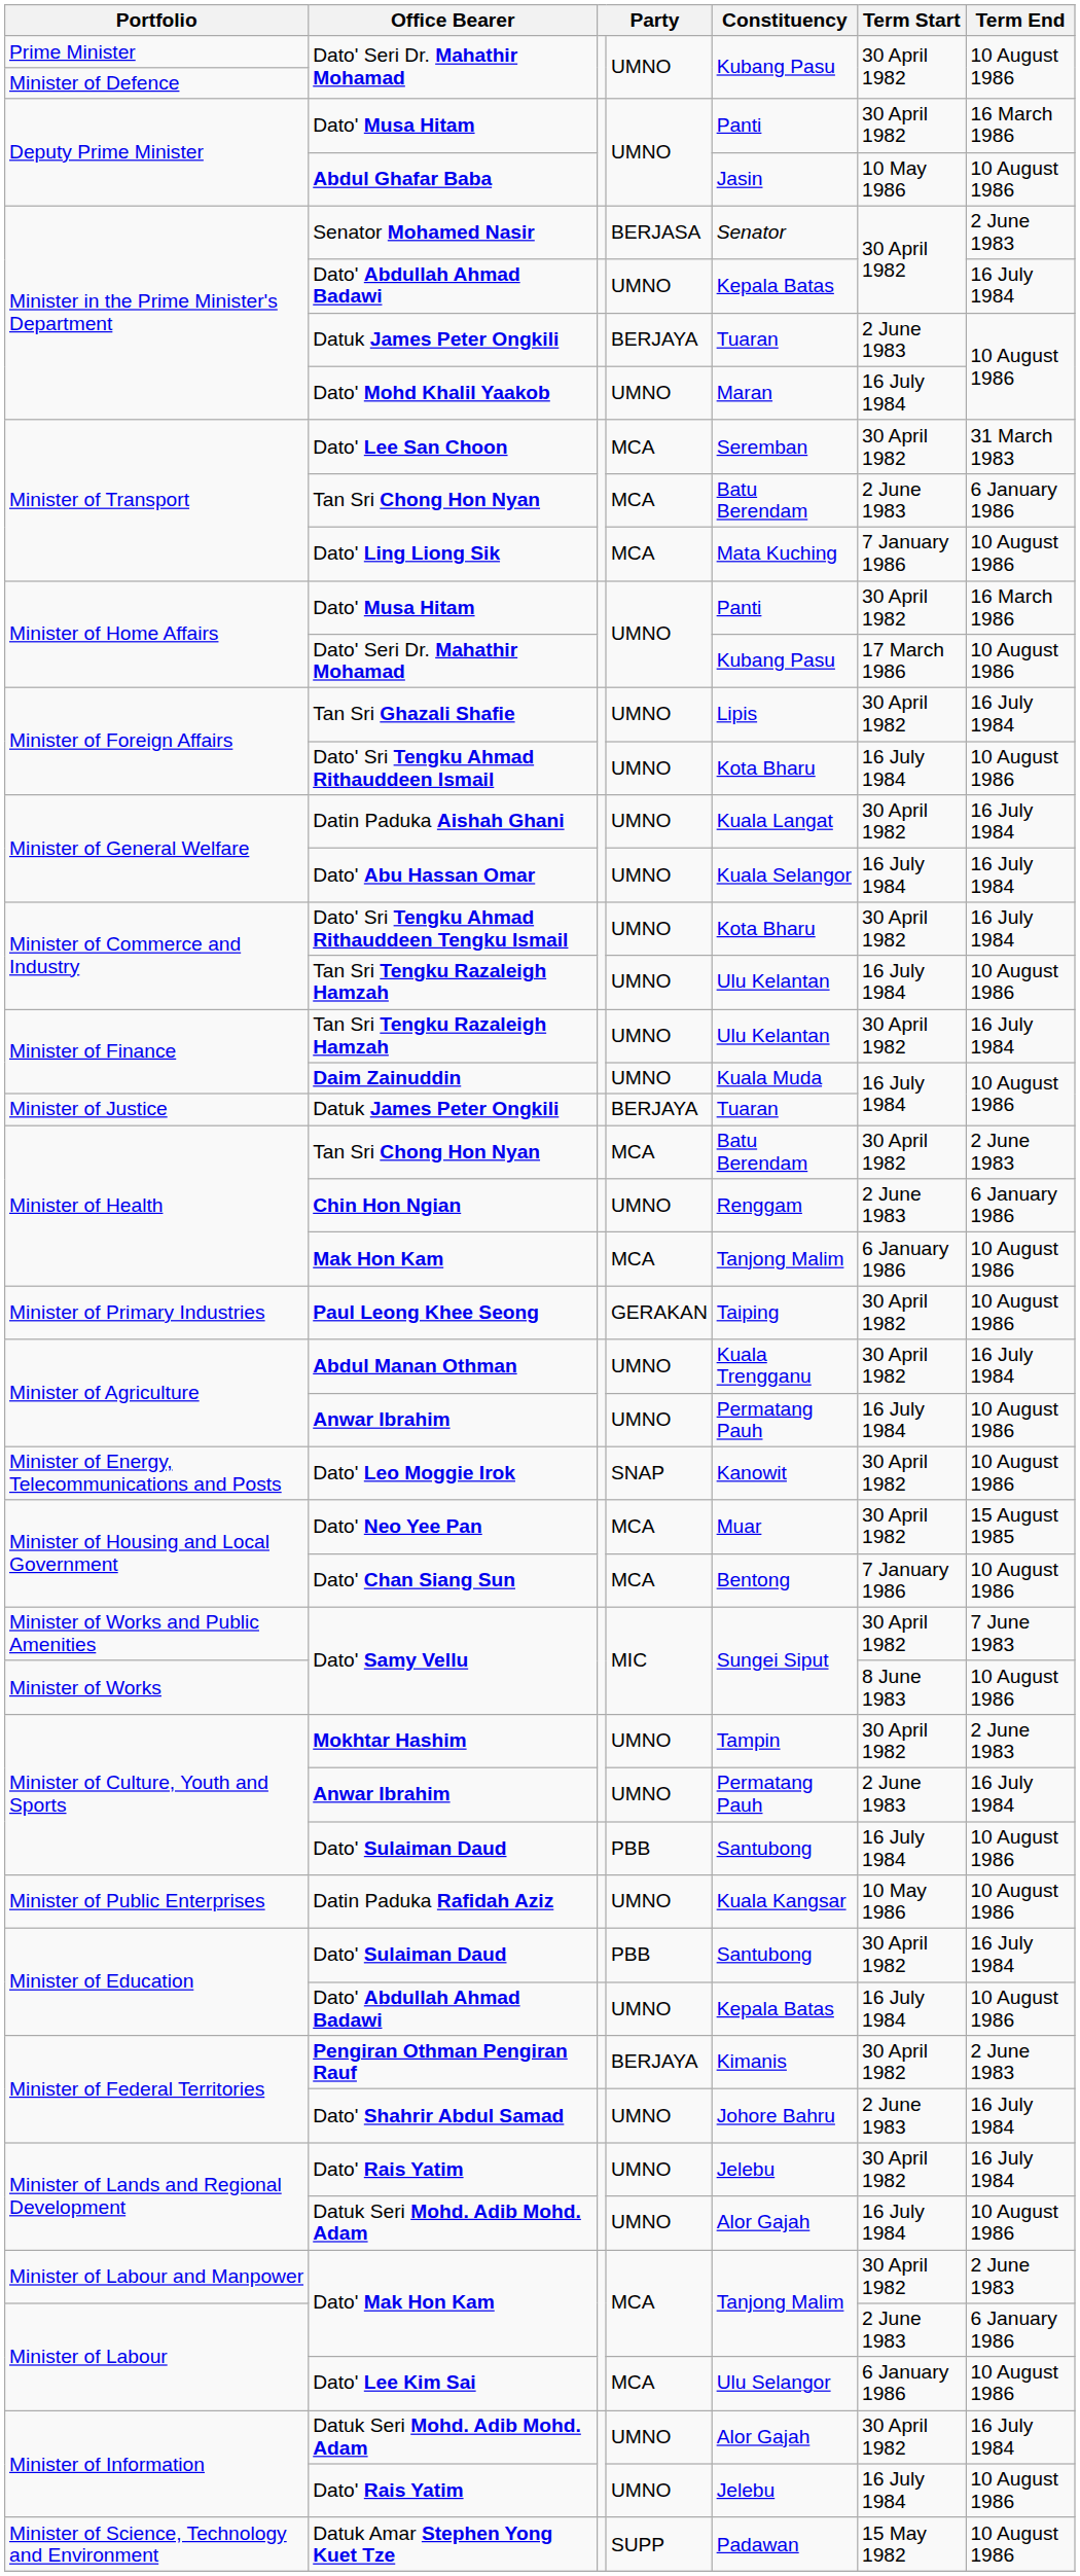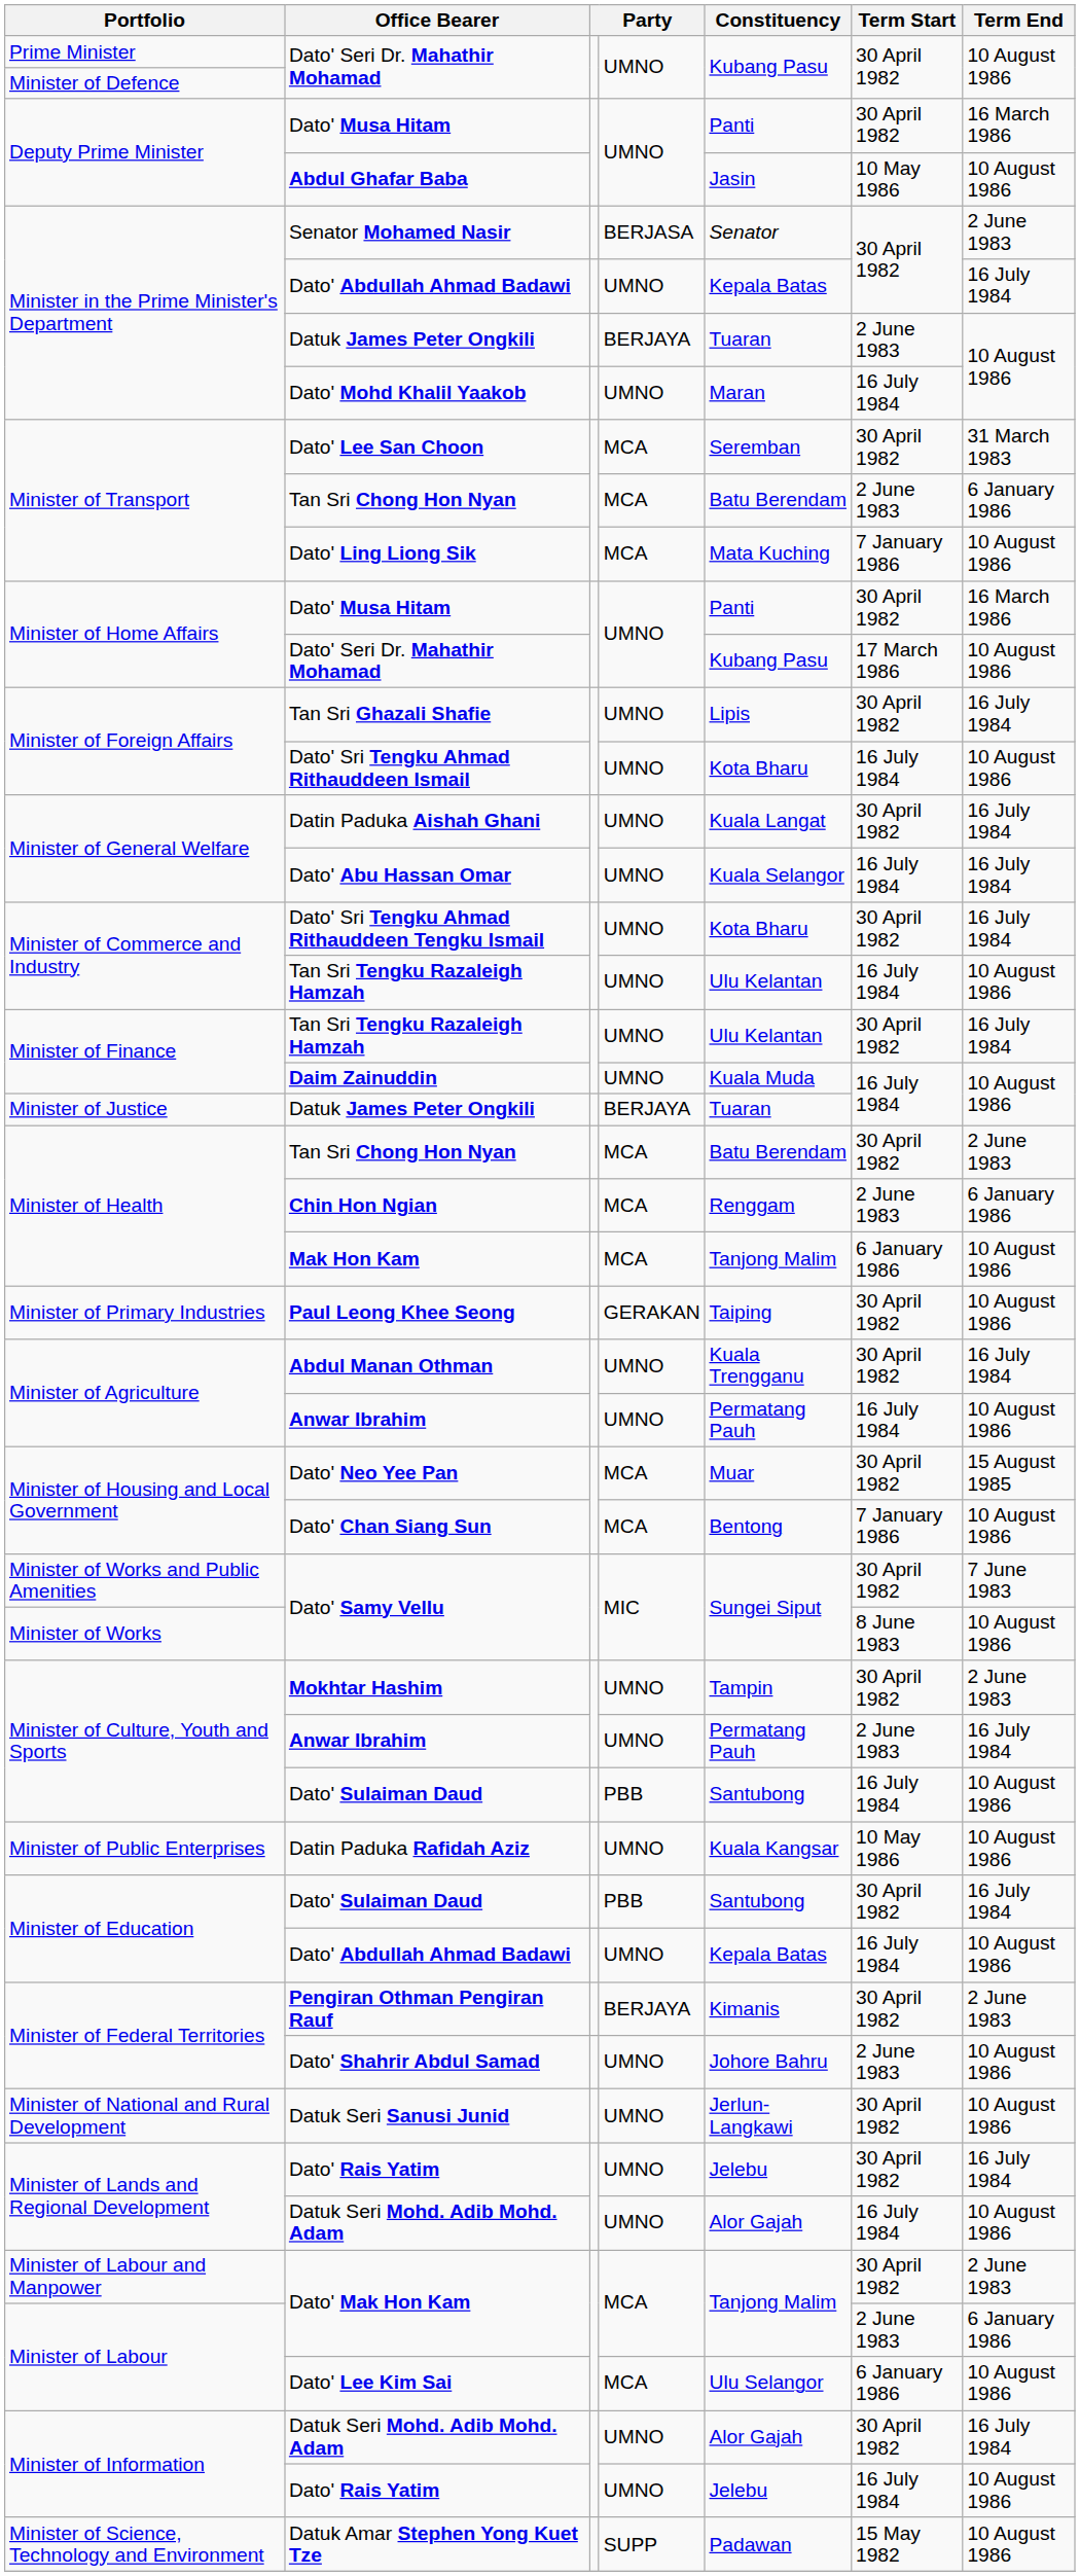 <table class="sortable wikitable">
 <tr>
 <th>Portfolio</th>
 <th>Office Bearer</th>
 <th colspan=2>Party</th>
 <th>Constituency</th>
 <th>Term Start</th>
 <th>Term End</th>
 </tr>
 <tr>
 <td><a href='#'>Prime Minister</a></td>
 <td rowspan=2>Dato' Seri Dr. <strong><a href='#'>Mahathir Mohamad</a></strong> </td>
 <td rowspan=2 bgcolor=></td>
 <td rowspan=2>UMNO</td>
 <td rowspan=2><a href='#'>Kubang Pasu</a></td>
 <td rowspan=2>30 April 1982</td>
 <td rowspan=2>10 August 1986</td>
 </tr>
 <tr>
 <td><a href='#'>Minister of Defence</a></td>
 </tr>
 <tr>
 <td rowspan=2><a href='#'>Deputy Prime Minister</a></td>
 <td>Dato' <strong><a href='#'>Musa Hitam</a></strong> </td>
 <td rowspan=2 bgcolor=></td>
 <td rowspan=2>UMNO</td>
 <td><a href='#'>Panti</a></td>
 <td>30 April 1982</td>
 <td>16 March 1986</td>
 </tr>
 <tr>
 <td><strong><a href='#'>Abdul Ghafar Baba</a></strong> </td>
 <td><a href='#'>Jasin</a></td>
 <td>10 May 1986</td>
 <td>10 August 1986</td>
 </tr>
 <tr>
 <td rowspan=4><a href='#'>Minister in the Prime Minister's Department</a></td>
 <td>Senator <strong><a href='#'>Mohamed Nasir</a></strong></td>
 <td></td>
 <td>BERJASA</td>
 <td><em>Senator</em></td>
 <td rowspan=2>30 April 1982</td>
 <td>2 June 1983</td>
 </tr>
 <tr>
 <td>Dato' <strong><a href='#'>Abdullah Ahmad Badawi</a></strong> </td>
 <td bgcolor=></td>
 <td>UMNO</td>
 <td><a href='#'>Kepala Batas</a></td>
 <td>16 July 1984</td>
 </tr>
 <tr>
 <td>Datuk <strong><a href='#'>James Peter Ongkili</a></strong> </td>
 <td bgcolor=></td>
 <td>BERJAYA</td>
 <td><a href='#'>Tuaran</a></td>
 <td>2 June 1983</td>
 <td rowspan=2>10 August 1986</td>
 </tr>
 <tr>
 <td>Dato' <strong><a href='#'>Mohd Khalil Yaakob</a></strong> </td>
 <td bgcolor=></td>
 <td>UMNO</td>
 <td><a href='#'>Maran</a></td>
 <td>16 July 1984</td>
 </tr>
 <tr>
 <td rowspan=3><a href='#'>Minister of Transport</a></td>
 <td>Dato' <strong><a href='#'>Lee San Choon</a></strong> </td>
 <td rowspan=3 bgcolor=></td>
 <td>MCA</td>
 <td><a href='#'>Seremban</a></td>
 <td>30 April 1982</td>
 <td>31 March 1983</td>
 </tr>
 <tr>
 <td>Tan Sri <strong><a href='#'>Chong Hon Nyan</a></strong> </td>
 <td>MCA</td>
 <td><a href='#'>Batu Berendam</a></td>
 <td>2 June 1983</td>
 <td>6 January 1986</td>
 </tr>
 <tr>
 <td>Dato' <strong><a href='#'>Ling Liong Sik</a></strong> </td>
 <td>MCA</td>
 <td><a href='#'>Mata Kuching</a></td>
 <td>7 January 1986</td>
 <td>10 August 1986</td>
 </tr>
 <tr>
 <td rowspan=2><a href='#'>Minister of Home Affairs</a></td>
 <td>Dato' <strong><a href='#'>Musa Hitam</a></strong> </td>
 <td rowspan=2 bgcolor=></td>
 <td rowspan=2>UMNO</td>
 <td><a href='#'>Panti</a></td>
 <td>30 April 1982</td>
 <td>16 March 1986</td>
 </tr>
 <tr>
 <td>Dato' Seri Dr. <strong><a href='#'>Mahathir Mohamad</a></strong> </td>
 <td><a href='#'>Kubang Pasu</a></td>
 <td>17 March 1986</td>
 <td>10 August 1986</td>
 </tr>
 <tr>
 <td rowspan=2><a href='#'>Minister of Foreign Affairs</a></td>
 <td>Tan Sri <strong><a href='#'>Ghazali Shafie</a></strong> </td>
 <td rowspan=2 bgcolor=></td>
 <td>UMNO</td>
 <td><a href='#'>Lipis</a></td>
 <td>30 April 1982</td>
 <td>16 July 1984</td>
 </tr>
 <tr>
 <td>Dato' Sri <strong><a href='#'>Tengku Ahmad Rithauddeen Ismail</a></strong> </td>
 <td>UMNO</td>
 <td><a href='#'>Kota Bharu</a></td>
 <td>16 July 1984</td>
 <td>10 August 1986</td>
 </tr>
 <tr>
 <td rowspan=2><a href='#'>Minister of General Welfare</a></td>
 <td>Datin Paduka <strong><a href='#'>Aishah Ghani</a></strong> </td>
 <td rowspan=2 bgcolor=></td>
 <td>UMNO</td>
 <td><a href='#'>Kuala Langat</a></td>
 <td>30 April 1982</td>
 <td>16 July 1984</td>
 </tr>
 <tr>
 <td>Dato' <strong><a href='#'>Abu Hassan Omar</a></strong> </td>
 <td>UMNO</td>
 <td><a href='#'>Kuala Selangor</a></td>
 <td>16 July 1984</td>
 <td>16 July 1984</td>
 </tr>
 <tr>
 <td rowspan=2><a href='#'>Minister of Commerce and Industry</a></td>
 <td>Dato' Sri <strong><a href='#'>Tengku Ahmad Rithauddeen Tengku Ismail</a></strong> </td>
 <td rowspan=2 bgcolor=></td>
 <td>UMNO</td>
 <td><a href='#'>Kota Bharu</a></td>
 <td>30 April 1982</td>
 <td>16 July 1984</td>
 </tr>
 <tr>
 <td>Tan Sri <strong><a href='#'>Tengku Razaleigh Hamzah</a></strong> </td>
 <td>UMNO</td>
 <td><a href='#'>Ulu Kelantan</a></td>
 <td>16 July 1984</td>
 <td>10 August 1986</td>
 </tr>
 <tr>
 <td rowspan=2><a href='#'>Minister of Finance</a></td>
 <td>Tan Sri <strong><a href='#'>Tengku Razaleigh Hamzah</a></strong> </td>
 <td rowspan=2 bgcolor=></td>
 <td>UMNO</td>
 <td><a href='#'>Ulu Kelantan</a></td>
 <td>30 April 1982</td>
 <td>16 July 1984</td>
 </tr>
 <tr>
 <td><strong><a href='#'>Daim Zainuddin</a></strong> </td>
 <td>UMNO</td>
 <td><a href='#'>Kuala Muda</a></td>
 <td rowspan=2>16 July 1984</td>
 <td rowspan=2>10 August 1986</td>
 </tr>
 <tr>
 <td><a href='#'>Minister of Justice</a></td>
 <td>Datuk <strong><a href='#'>James Peter Ongkili</a></strong> </td>
 <td bgcolor=></td>
 <td>BERJAYA</td>
 <td><a href='#'>Tuaran</a></td>
 </tr>
 <tr>
 <td rowspan=3><a href='#'>Minister of Health</a></td>
 <td>Tan Sri <strong><a href='#'>Chong Hon Nyan</a></strong> </td>
 <td bgcolor=></td>
 <td>MCA</td>
 <td><a href='#'>Batu Berendam</a></td>
 <td>30 April 1982</td>
 <td>2 June 1983</td>
 </tr>
 <tr>
 <td><strong><a href='#'>Chin Hon Ngian</a></strong> </td>
 <td bgcolor=></td>
-<td>UMNO</td>
+<td>MCA</td>
 <td><a href='#'>Renggam</a></td>
 <td>2 June 1983</td>
 <td>6 January 1986</td>
 </tr>
 <tr>
 <td><strong><a href='#'>Mak Hon Kam</a></strong> </td>
 <td bgcolor=></td>
 <td>MCA</td>
 <td><a href='#'>Tanjong Malim</a></td>
 <td>6 January 1986</td>
 <td>10 August 1986</td>
 </tr>
 <tr>
 <td><a href='#'>Minister of Primary Industries</a></td>
 <td><strong><a href='#'>Paul Leong Khee Seong</a></strong> </td>
 <td bgcolor=></td>
 <td>GERAKAN</td>
 <td><a href='#'>Taiping</a></td>
 <td>30 April 1982</td>
 <td>10 August 1986</td>
 </tr>
 <tr>
 <td rowspan=2><a href='#'>Minister of Agriculture</a></td>
 <td><strong><a href='#'>Abdul Manan Othman</a></strong> </td>
 <td rowspan=2 bgcolor=></td>
 <td>UMNO</td>
 <td><a href='#'>Kuala Trengganu</a></td>
 <td>30 April 1982</td>
 <td>16 July 1984</td>
 </tr>
 <tr>
 <td><strong><a href='#'>Anwar Ibrahim</a></strong> </td>
 <td>UMNO</td>
 <td><a href='#'>Permatang Pauh</a></td>
 <td>16 July 1984</td>
-<td>10 August 1986</td>
-</tr>
-<tr>
-<td><a href='#'>Minister of Energy, Telecommunications and Posts</a></td>
-<td>Dato' <strong><a href='#'>Leo Moggie Irok</a></strong> </td>
-<td bgcolor=></td>
-<td>SNAP</td>
-<td><a href='#'>Kanowit</a></td>
-<td>30 April 1982</td>
 <td>10 August 1986</td>
 </tr>
 <tr>
 <td rowspan=2><a href='#'>Minister of Housing and Local Government</a></td>
 <td>Dato' <strong><a href='#'>Neo Yee Pan</a></strong> </td>
 <td rowspan=2 bgcolor=></td>
 <td>MCA</td>
 <td><a href='#'>Muar</a></td>
 <td>30 April 1982</td>
 <td>15 August 1985</td>
 </tr>
 <tr>
 <td>Dato' <strong><a href='#'>Chan Siang Sun</a></strong> </td>
 <td>MCA</td>
 <td><a href='#'>Bentong</a></td>
 <td>7 January 1986</td>
 <td>10 August 1986</td>
 </tr>
 <tr>
 <td><a href='#'>Minister of Works and Public Amenities</a></td>
 <td rowspan=2>Dato' <strong><a href='#'>Samy Vellu</a></strong> </td>
 <td rowspan=2 bgcolor=></td>
 <td rowspan=2>MIC</td>
 <td rowspan=2><a href='#'>Sungei Siput</a></td>
 <td>30 April 1982</td>
 <td>7 June 1983</td>
 </tr>
 <tr>
 <td><a href='#'>Minister of Works</a></td>
 <td>8 June 1983</td>
 <td>10 August 1986</td>
 </tr>
 <tr>
 <td rowspan=3><a href='#'>Minister of Culture, Youth and Sports</a></td>
 <td><strong><a href='#'>Mokhtar Hashim</a></strong> </td>
 <td rowspan=2 bgcolor=></td>
 <td>UMNO</td>
 <td><a href='#'>Tampin</a></td>
 <td>30 April 1982</td>
 <td>2 June 1983</td>
 </tr>
 <tr>
 <td><strong><a href='#'>Anwar Ibrahim</a></strong> </td>
 <td>UMNO</td>
 <td><a href='#'>Permatang Pauh</a></td>
 <td>2 June 1983</td>
 <td>16 July 1984</td>
 </tr>
 <tr>
 <td>Dato' <strong><a href='#'>Sulaiman Daud</a></strong> </td>
 <td bgcolor=></td>
 <td>PBB</td>
 <td><a href='#'>Santubong</a></td>
 <td>16 July 1984</td>
 <td>10 August 1986</td>
 </tr>
 <tr>
 <td><a href='#'>Minister of Public Enterprises</a></td>
 <td>Datin Paduka <strong><a href='#'>Rafidah Aziz</a></strong> </td>
 <td bgcolor=></td>
 <td>UMNO</td>
 <td><a href='#'>Kuala Kangsar</a></td>
 <td>10 May 1986</td>
 <td>10 August 1986</td>
 </tr>
 <tr>
 <td rowspan=2><a href='#'>Minister of Education</a></td>
 <td>Dato' <strong><a href='#'>Sulaiman Daud</a></strong> </td>
 <td bgcolor=></td>
 <td>PBB</td>
 <td><a href='#'>Santubong</a></td>
 <td>30 April 1982</td>
 <td>16 July 1984</td>
 </tr>
 <tr>
 <td>Dato' <strong><a href='#'>Abdullah Ahmad Badawi</a></strong> </td>
 <td bgcolor=></td>
 <td>UMNO</td>
 <td><a href='#'>Kepala Batas</a></td>
 <td>16 July 1984</td>
 <td>10 August 1986</td>
 </tr>
 <tr>
 <td rowspan=2><a href='#'>Minister of Federal Territories</a></td>
 <td><strong><a href='#'>Pengiran Othman Pengiran Rauf</a></strong> </td>
 <td></td>
 <td>BERJAYA</td>
 <td><a href='#'>Kimanis</a></td>
 <td>30 April 1982</td>
 <td>2 June 1983</td>
 </tr>
 <tr>
 <td>Dato' <strong><a href='#'>Shahrir Abdul Samad</a></strong> </td>
 <td bgcolor=></td>
 <td>UMNO</td>
 <td><a href='#'>Johore Bahru</a></td>
 <td>2 June 1983</td>
-<td>16 July 1984</td>
+<td>10 August 1986</td>
+</tr>
+<tr>
+<td><a href='#'>Minister of National and Rural Development</a></td>
+<td>Datuk Seri <strong><a href='#'>Sanusi Junid</a></strong> </td>
+<td bgcolor=></td>
+<td>UMNO</td>
+<td><a href='#'>Jerlun-Langkawi</a></td>
+<td>30 April 1982</td>
+<td>10 August 1986</td>
 </tr>
 <tr>
 <td rowspan=2><a href='#'>Minister of Lands and Regional Development</a></td>
 <td>Dato' <strong><a href='#'>Rais Yatim</a></strong> </td>
 <td rowspan=2 bgcolor=></td>
 <td>UMNO</td>
 <td><a href='#'>Jelebu</a></td>
 <td>30 April 1982</td>
 <td>16 July 1984</td>
 </tr>
 <tr>
 <td>Datuk Seri <strong><a href='#'>Mohd. Adib Mohd. Adam</a></strong> </td>
 <td>UMNO</td>
 <td><a href='#'>Alor Gajah</a></td>
 <td>16 July 1984</td>
 <td>10 August 1986</td>
 </tr>
 <tr>
 <td><a href='#'>Minister of Labour and Manpower</a></td>
 <td rowspan=2>Dato' <strong><a href='#'>Mak Hon Kam</a></strong> </td>
 <td rowspan=3 bgcolor=></td>
 <td rowspan=2>MCA</td>
 <td rowspan=2><a href='#'>Tanjong Malim</a></td>
 <td>30 April 1982</td>
 <td>2 June 1983</td>
 </tr>
 <tr>
 <td rowspan=2><a href='#'>Minister of Labour</a></td>
 <td>2 June 1983</td>
 <td>6 January 1986</td>
 </tr>
 <tr>
 <td>Dato' <strong><a href='#'>Lee Kim Sai</a></strong> </td>
 <td>MCA</td>
 <td><a href='#'>Ulu Selangor</a></td>
 <td>6 January 1986</td>
 <td>10 August 1986</td>
 </tr>
 <tr>
 <td rowspan=2><a href='#'>Minister of Information</a></td>
 <td>Datuk Seri <strong><a href='#'>Mohd. Adib Mohd. Adam</a></strong> </td>
 <td rowspan=2 bgcolor=></td>
 <td>UMNO</td>
 <td><a href='#'>Alor Gajah</a></td>
 <td>30 April 1982</td>
 <td>16 July 1984</td>
 </tr>
 <tr>
 <td>Dato' <strong><a href='#'>Rais Yatim</a></strong> </td>
 <td>UMNO</td>
 <td><a href='#'>Jelebu</a></td>
 <td>16 July 1984</td>
 <td>10 August 1986</td>
 </tr>
 <tr>
 <td><a href='#'>Minister of Science, Technology and Environment</a></td>
 <td>Datuk Amar <strong><a href='#'>Stephen Yong Kuet Tze</a></strong> </td>
 <td bgcolor=></td>
 <td>SUPP</td>
 <td><a href='#'>Padawan</a></td>
 <td>15 May 1982</td>
 <td>10 August 1986</td>
 </tr>
 <tr>
 </tr>
 </table>
